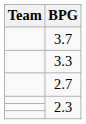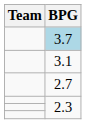 <table class=wikitable>
 <tr>
 <th>Team</th>
 <th>BPG</th>
 </tr>
 <tr>
 <td></td>
-<td align=center>3.7</td>
+<td align=center style="background: lightblue;">3.7</td>
 </tr>
 <tr>
 <td></td>
-<td align=center>3.3</td>
+<td align=center>3.1</td>
 </tr>
 <tr>
 <td></td>
 <td align=center>2.7</td>
 </tr>
 <tr>
 <td></td>
 <td align=center rowspan=3>2.3</td>
 </tr>
 <tr>
 <td></td>
 </tr>
 <tr>
 <td></td>
 </tr>
 </table>
